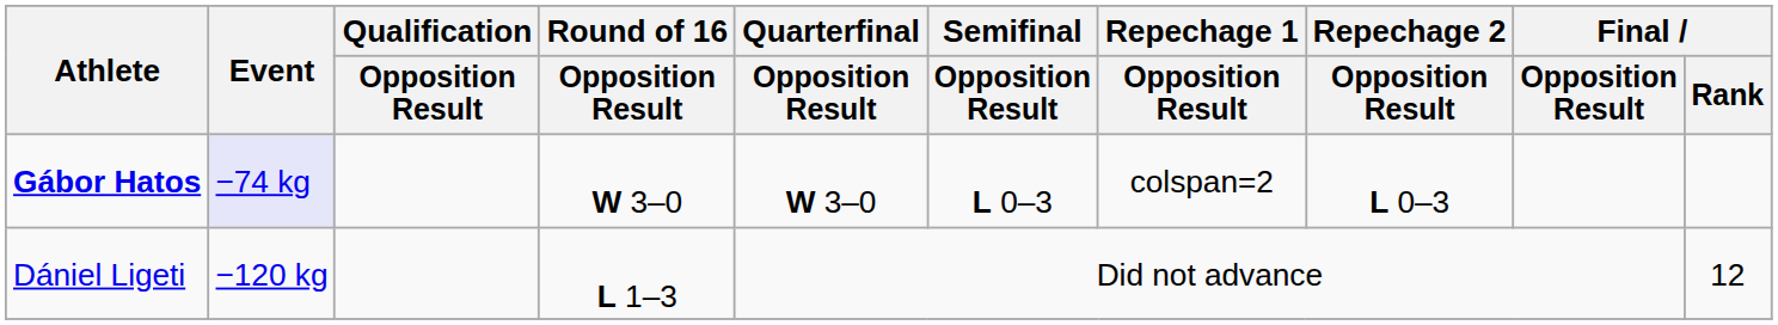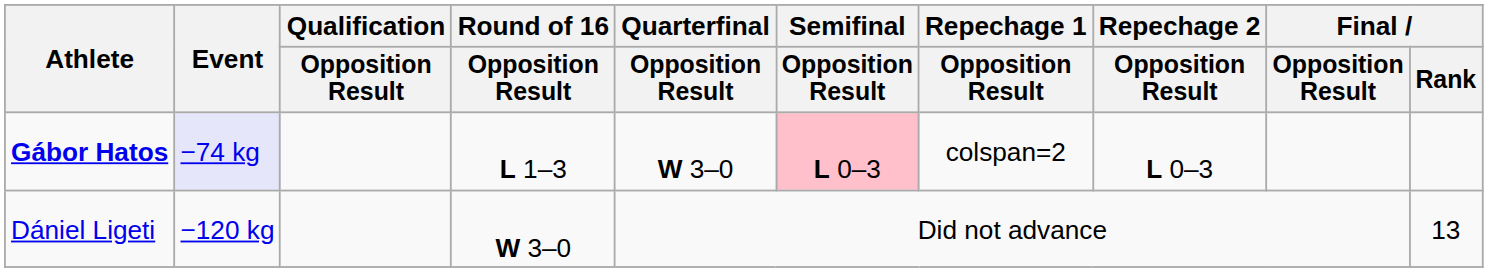 <table class=wikitable style="font-size:90%;">
 <tr>
 <th rowspan=2>Athlete</th>
 <th rowspan=2>Event</th>
 <th>Qualification</th>
 <th>Round of 16</th>
 <th>Quarterfinal</th>
 <th>Semifinal</th>
 <th>Repechage 1</th>
 <th>Repechage 2</th>
 <th colspan=2>Final / </th>
 </tr>
 <tr style="font-size: 95%">
 <th>Opposition<br>Result</th>
 <th>Opposition<br>Result</th>
 <th>Opposition<br>Result</th>
 <th>Opposition<br>Result</th>
 <th>Opposition<br>Result</th>
 <th>Opposition<br>Result</th>
 <th>Opposition<br>Result</th>
 <th>Rank</th>
 </tr>
 <tr align=center>
 <td align=left><strong><a href='#'>Gábor Hatos</a></strong></td>
 <td align=left style="background: lavender;"><a href='#'>−74 kg</a></td>
 <td></td>
+<td><br><strong>L</strong> 1–3<sup></sup></td>
 <td><br><strong>W</strong> 3–0 <sup></sup></td>
-<td><br><strong>W</strong> 3–0 <sup></sup></td>
-<td><br><strong>L</strong> 0–3 <sup></sup></td>
+<td style="background: pink;"><br><strong>L</strong> 0–3 <sup></sup></td>
 <td>colspan=2 </td>
 <td><br><strong>L</strong> 0–3 <sup></sup></td>
 <td></td>
 </tr>
 <tr align=center>
 <td align=left><a href='#'>Dániel Ligeti</a></td>
 <td align=left><a href='#'>−120 kg</a></td>
 <td></td>
-<td><br><strong>L</strong> 1–3<sup></sup></td>
+<td><br><strong>W</strong> 3–0 <sup></sup></td>
 <td colspan=5>Did not advance</td>
-<td>12</td>
+<td>13</td>
 </tr>
 </table>
